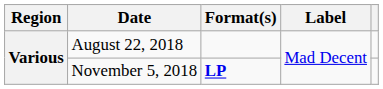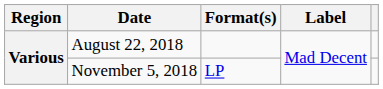 <table class="wikitable plainrowheaders">
 <tr>
 <th scope="col">Region</th>
 <th scope="col">Date</th>
 <th scope="col">Format(s)</th>
 <th scope="col">Label</th>
 <th scope="col"></th>
 </tr>
 <tr>
 <th scope="row" rowspan="2">Various</th>
 <td>August 22, 2018</td>
 <td></td>
 <td rowspan="2"><a href='#'>Mad Decent</a></td>
 <td style="text-align:center;"></td>
 </tr>
 <tr>
 <td>November 5, 2018</td>
-<td><strong><a href='#'>LP</a></strong></td>
+<td><a href='#'>LP</a></td>
 <td style="text-align:center;"></td>
 </tr>
 </table>
